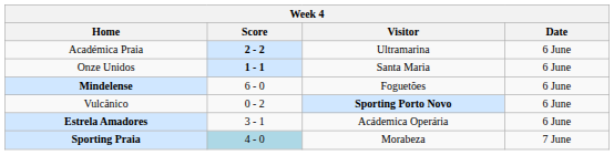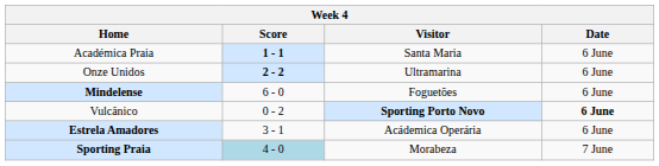 <table class="wikitable" style="font-size:95%; text-align: center; width: 95%;">
 <tr>
 <th colspan="12" style="with: 100%;" align=center>Week 4</th>
 </tr>
 <tr>
 <th width="200">Home</th>
 <th width="90">Score</th>
 <th width="200">Visitor</th>
 <th width="100">Date</th>
 </tr>
 <tr align=center>
 <td>Académica Praia</td>
-<td bgcolor=#D0E7FF><strong>2 - 2</strong></td>
-<td>Ultramarina</td>
+<td bgcolor=#D0E7FF><strong>1 - 1</strong></td>
+<td>Santa Maria</td>
 <td>6 June</td>
 </tr>
 <tr align=center>
 <td>Onze Unidos</td>
-<td bgcolor=#D0E7FF><strong>1 - 1</strong></td>
-<td>Santa Maria</td>
+<td bgcolor=#D0E7FF><strong>2 - 2</strong></td>
+<td>Ultramarina</td>
 <td>6 June</td>
 </tr>
 <tr align=center>
 <td bgcolor=#D0E7FF><strong>Mindelense</strong></td>
 <td>6 - 0</td>
 <td>Foguetões</td>
 <td>6 June</td>
 </tr>
 <tr align=center>
 <td>Vulcânico</td>
 <td>0 - 2</td>
 <td bgcolor=#D0E7FF><strong>Sporting Porto Novo</strong></td>
-<td>6 June</td>
+<td><strong>6 June</strong></td>
 </tr>
 <tr align=center>
 <td bgcolor=#D0E7FF><strong>Estrela Amadores</strong></td>
 <td>3 - 1</td>
 <td>Acádemica Operária</td>
 <td>6 June</td>
 </tr>
 <tr align=center>
 <td bgcolor=#D0E7FF><strong>Sporting Praia</strong></td>
 <td style="background: lightblue;">4 - 0</td>
 <td>Morabeza</td>
 <td>7 June</td>
 </tr>
 </table>
